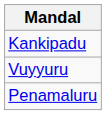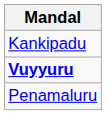 <table class="wikitable sortable static-row-numbers static-row-header-hash">
 <tr>
 <th>Mandal</th>
 </tr>
 <tr>
 <td><a href='#'>Kankipadu</a></td>
 </tr>
 <tr>
-<td><a href='#'>Vuyyuru</a></td>
+<td><strong><a href='#'>Vuyyuru</a></strong></td>
 </tr>
 <tr>
 <td><a href='#'>Penamaluru</a></td>
 </tr>
 </table>
